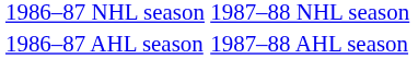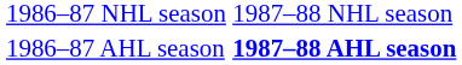 <table>
 <tr>
 <td><a href='#'>1986–87 NHL season</a></td>
 <td><a href='#'>1987–88 NHL season</a></td>
 </tr>
 <tr>
 <td><a href='#'>1986–87 AHL season</a></td>
-<td><a href='#'>1987–88 AHL season</a></td>
+<td><strong><a href='#'>1987–88 AHL season</a></strong></td>
 </tr>
 <tr>
 </tr>
 </table>
